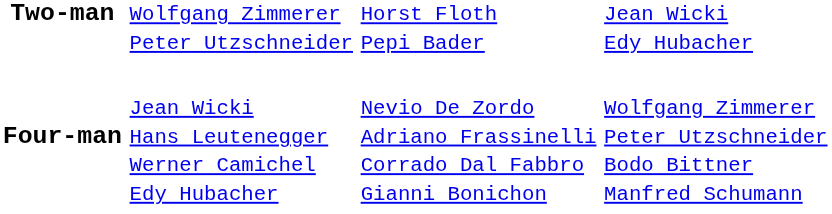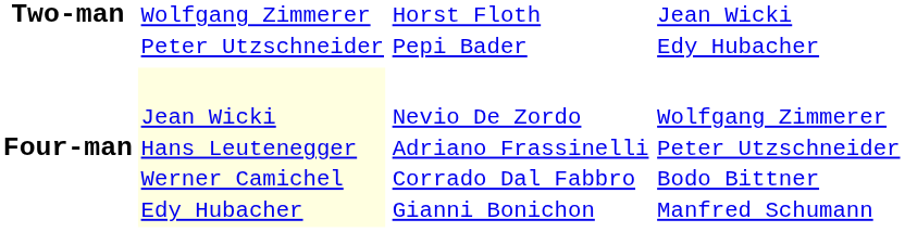 <table>
 <tr>
 <th scope="row">Two-man <br></th>
 <td><br> <small><a href='#'>Wolfgang Zimmerer</a><br><a href='#'>Peter Utzschneider</a></small></td>
 <td><br> <small><a href='#'>Horst Floth</a><br><a href='#'>Pepi Bader</a></small></td>
 <td><br><small> <a href='#'>Jean Wicki</a><br><a href='#'>Edy Hubacher</a></small></td>
 </tr>
 <tr>
 <th scope="row">Four-man <br></th>
-<td><br><small> <a href='#'>Jean Wicki</a><br> <a href='#'>Hans Leutenegger</a> <br> <a href='#'>Werner Camichel</a> <br> <a href='#'>Edy Hubacher</a></small></td>
+<td style="background: lightyellow;"><br><small> <a href='#'>Jean Wicki</a><br> <a href='#'>Hans Leutenegger</a> <br> <a href='#'>Werner Camichel</a> <br> <a href='#'>Edy Hubacher</a></small></td>
 <td><br><small> <a href='#'>Nevio De Zordo</a> <br> <a href='#'>Adriano Frassinelli</a> <br> <a href='#'>Corrado Dal Fabbro</a> <br>  <a href='#'>Gianni Bonichon</a></small></td>
 <td><br><small> <a href='#'>Wolfgang Zimmerer</a> <br> <a href='#'>Peter Utzschneider</a> <br> <a href='#'>Bodo Bittner</a> <br>  <a href='#'>Manfred Schumann</a></small></td>
 </tr>
 </table>
